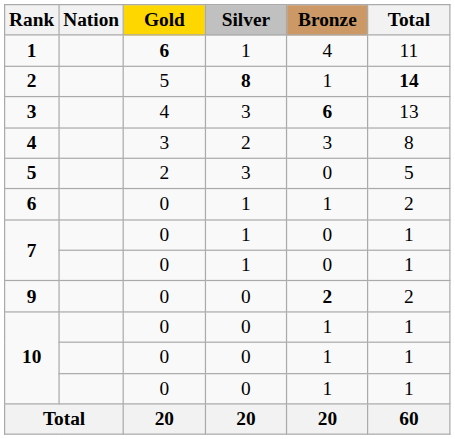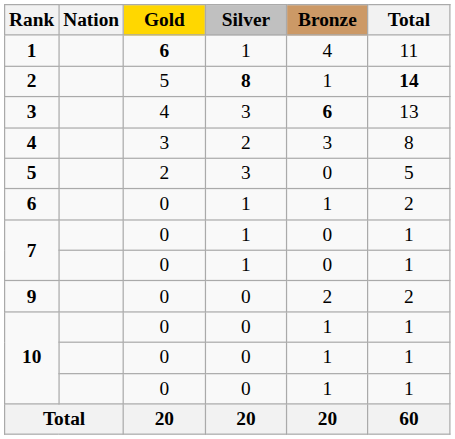 <table class="wikitable collapsible autocollapse plainrowheaders" style="text-align:center;">
 <tr style="background-color:#EDEDED;">
 <th class="hintergrundfarbe5">Rank</th>
 <th class="hintergrundfarbe6">Nation</th>
 <th style="background:    gold; width:60px">Gold</th>
 <th style="background:  silver; width:60px">Silver</th>
 <th style="background: #CC9966; width:60px">Bronze</th>
 <th class="hintergrundfarbe6" style="width:60px">Total</th>
 </tr>
 <tr>
 <td><strong>1</strong></td>
 <td align=left></td>
 <td><strong>6</strong></td>
 <td>1</td>
 <td>4</td>
 <td>11</td>
 </tr>
 <tr>
 <td><strong>2</strong></td>
 <td align=left></td>
 <td>5</td>
 <td><strong>8</strong></td>
 <td>1</td>
 <td><strong>14</strong></td>
 </tr>
 <tr>
 <td><strong>3</strong></td>
 <td align=left></td>
 <td>4</td>
 <td>3</td>
 <td><strong>6</strong></td>
 <td>13</td>
 </tr>
 <tr>
 <td><strong>4</strong></td>
 <td align=left><em></em></td>
 <td>3</td>
 <td>2</td>
 <td>3</td>
 <td>8</td>
 </tr>
 <tr>
 <td><strong>5</strong></td>
 <td align=left></td>
 <td>2</td>
 <td>3</td>
 <td>0</td>
 <td>5</td>
 </tr>
 <tr>
 <td><strong>6</strong></td>
 <td align=left></td>
 <td>0</td>
 <td>1</td>
 <td>1</td>
 <td>2</td>
 </tr>
 <tr>
 <td rowspan=2><strong>7</strong></td>
 <td align=left><em></em></td>
 <td>0</td>
 <td>1</td>
 <td>0</td>
 <td>1</td>
 </tr>
 <tr>
 <td align=left></td>
 <td>0</td>
 <td>1</td>
 <td>0</td>
 <td>1</td>
 </tr>
 <tr>
 <td><strong>9</strong></td>
 <td align=left></td>
 <td>0</td>
 <td>0</td>
-<td><strong>2</strong></td>
+<td>2</td>
 <td>2</td>
 </tr>
 <tr>
 <td rowspan=3><strong>10</strong></td>
 <td align=left></td>
 <td>0</td>
 <td>0</td>
 <td>1</td>
 <td>1</td>
 </tr>
 <tr>
 <td align=left><em></em></td>
 <td>0</td>
 <td>0</td>
 <td>1</td>
 <td>1</td>
 </tr>
 <tr>
 <td align=left></td>
 <td>0</td>
 <td>0</td>
 <td>1</td>
 <td>1</td>
 </tr>
 <tr>
 <th colspan=2>Total</th>
 <th>20</th>
 <th>20</th>
 <th>20</th>
 <th>60</th>
 </tr>
 </table>
